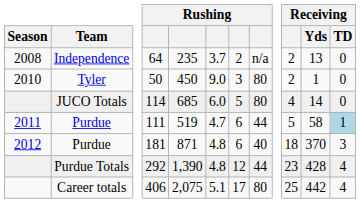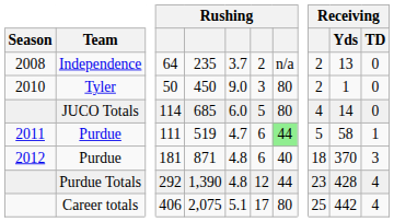 <table class="wikitable" style="text-align:center" id="Table3">
 <tr>
 <th colspan=2 style="background:#fff; border-color:#fff #fff #aaa #fff"> </th>
 <th rowspan=99 style="background:#fff; border-color:#fff #aaa"> </th>
 <th colspan=5>Rushing</th>
 <th rowspan=99 style="background:#fff; border-color:#fff #aaa"> </th>
 <th colspan=3>Receiving</th>
 </tr>
 <tr>
 <th>Season</th>
 <th>Team</th>
 <th></th>
 <th></th>
 <th></th>
 <th></th>
 <th></th>
 <th align="center"></th>
 <th>Yds</th>
 <th>TD</th>
 </tr>
 <tr>
 <td>2008</td>
 <td><a href='#'>Independence</a></td>
 <td>64</td>
 <td>235</td>
 <td>3.7</td>
 <td>2</td>
 <td>n/a</td>
 <td>2</td>
 <td>13</td>
 <td>0</td>
 </tr>
 <tr>
 <td>2010</td>
 <td><a href='#'>Tyler</a></td>
 <td>50</td>
 <td>450</td>
 <td>9.0</td>
 <td>3</td>
 <td>80</td>
 <td>2</td>
 <td>1</td>
 <td>0</td>
 </tr>
 <tr style="background:#f0f0f0;">
 <td></td>
 <td>JUCO Totals</td>
 <td>114</td>
 <td>685</td>
 <td>6.0</td>
 <td>5</td>
 <td>80</td>
 <td>4</td>
 <td>14</td>
 <td>0</td>
 </tr>
 <tr>
 <td><a href='#'>2011</a></td>
 <td><a href='#'>Purdue</a></td>
 <td>111</td>
 <td>519</td>
 <td>4.7</td>
 <td>6</td>
-<td>44</td>
+<td style="background: lightgreen;">44</td>
 <td>5</td>
 <td>58</td>
-<td style="background: lightblue;">1</td>
+<td>1</td>
 </tr>
 <tr>
 <td><a href='#'>2012</a></td>
 <td>Purdue</td>
 <td>181</td>
 <td>871</td>
 <td>4.8</td>
 <td>6</td>
 <td>40</td>
 <td>18</td>
 <td>370</td>
 <td>3</td>
 </tr>
 <tr style="background:#f0f0f0;">
 <td></td>
 <td>Purdue Totals</td>
 <td>292</td>
 <td>1,390</td>
 <td>4.8</td>
 <td>12</td>
 <td>44</td>
 <td>23</td>
 <td>428</td>
 <td>4</td>
 </tr>
 <tr>
 <td></td>
 <td>Career totals</td>
 <td>406</td>
 <td>2,075</td>
 <td>5.1</td>
 <td>17</td>
 <td>80</td>
 <td>25</td>
 <td>442</td>
 <td>4</td>
 </tr>
 </table>
